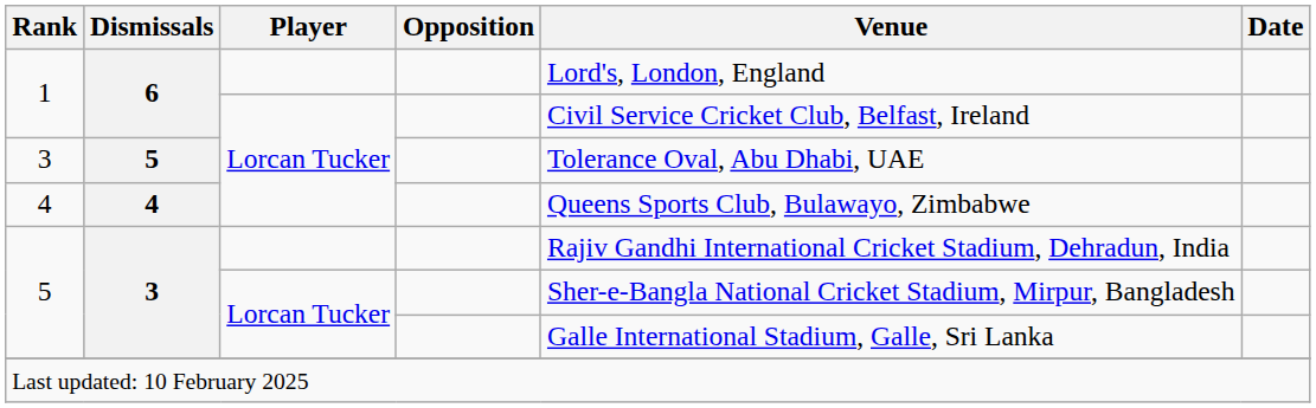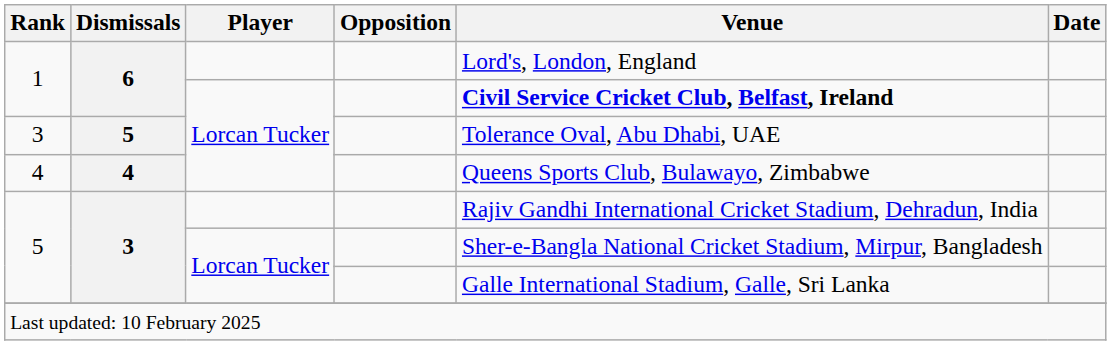 <table class="wikitable plainrowheaders sortable">
 <tr>
 <th scope=col>Rank</th>
 <th scope=col>Dismissals</th>
 <th scope=col>Player</th>
 <th scope=col>Opposition</th>
 <th scope=col>Venue</th>
 <th scope=col>Date</th>
 </tr>
 <tr>
 <td align=center rowspan=2>1</td>
 <th scope=row style=text-align:center; rowspan=2>6</th>
 <td></td>
 <td></td>
 <td><a href='#'>Lord's</a>, <a href='#'>London</a>, England</td>
 <td></td>
 </tr>
 <tr>
 <td rowspan=3><a href='#'>Lorcan Tucker</a></td>
 <td></td>
-<td><a href='#'>Civil Service Cricket Club</a>, <a href='#'>Belfast</a>, Ireland</td>
+<td><strong><a href='#'>Civil Service Cricket Club</a>, <a href='#'>Belfast</a>, Ireland</strong></td>
 <td></td>
 </tr>
 <tr>
 <td align=center>3</td>
 <th scope=row style=text-align:center;>5</th>
 <td></td>
 <td><a href='#'>Tolerance Oval</a>, <a href='#'>Abu Dhabi</a>, UAE</td>
 <td></td>
 </tr>
 <tr>
 <td align=center>4</td>
 <th scope=row style=text-align:center;>4</th>
 <td></td>
 <td><a href='#'>Queens Sports Club</a>, <a href='#'>Bulawayo</a>, Zimbabwe</td>
 <td></td>
 </tr>
 <tr>
 <td align=center rowspan=3>5</td>
 <th scope=row style=text-align:center; rowspan=3>3</th>
 <td></td>
 <td></td>
 <td><a href='#'>Rajiv Gandhi International Cricket Stadium</a>, <a href='#'>Dehradun</a>, India</td>
 <td></td>
 </tr>
 <tr>
 <td rowspan=2><a href='#'>Lorcan Tucker</a></td>
 <td></td>
 <td><a href='#'>Sher-e-Bangla National Cricket Stadium</a>, <a href='#'>Mirpur</a>, Bangladesh</td>
 <td></td>
 </tr>
 <tr>
 <td></td>
 <td><a href='#'>Galle International Stadium</a>, <a href='#'>Galle</a>, Sri Lanka</td>
 <td></td>
 </tr>
 <tr>
 </tr>
 <tr class=sortbottom>
 <td colspan=6><small>Last updated: 10 February 2025</small></td>
 </tr>
 </table>
